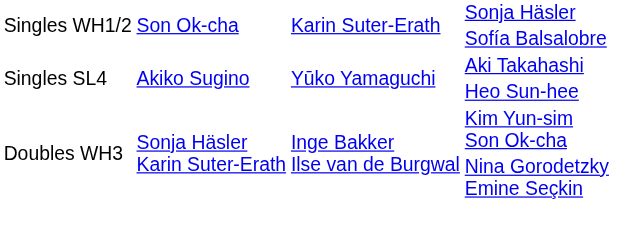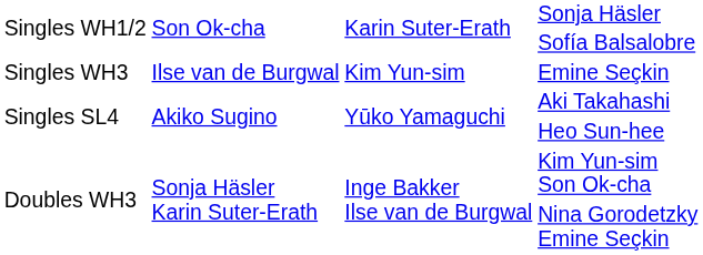 <table>
 <tr>
 <td rowspan=2>Singles WH1/2</td>
 <td rowspan=2> <a href='#'>Son Ok-cha</a></td>
 <td rowspan=2> <a href='#'>Karin Suter-Erath</a></td>
 <td> <a href='#'>Sonja Häsler</a></td>
 </tr>
 <tr>
 <td> <a href='#'>Sofía Balsalobre</a></td>
+</tr>
+<tr>
+<td>Singles WH3</td>
+<td> <a href='#'>Ilse van de Burgwal</a></td>
+<td> <a href='#'>Kim Yun-sim</a></td>
+<td> <a href='#'>Emine Seçkin</a></td>
 </tr>
 <tr>
 <td rowspan=2>Singles SL4</td>
 <td rowspan=2> <a href='#'>Akiko Sugino</a></td>
 <td rowspan=2> <a href='#'>Yūko Yamaguchi</a></td>
 <td> <a href='#'>Aki Takahashi</a></td>
 </tr>
 <tr>
 <td> <a href='#'>Heo Sun-hee</a></td>
 </tr>
 <tr>
 <td rowspan=2>Doubles WH3</td>
 <td rowspan=2> <a href='#'>Sonja Häsler</a><br> <a href='#'>Karin Suter-Erath</a></td>
 <td rowspan=2> <a href='#'>Inge Bakker</a><br> <a href='#'>Ilse van de Burgwal</a></td>
 <td> <a href='#'>Kim Yun-sim</a><br> <a href='#'>Son Ok-cha</a></td>
 </tr>
 <tr>
 <td> <a href='#'>Nina Gorodetzky</a><br> <a href='#'>Emine Seçkin</a></td>
 </tr>
 </table>
